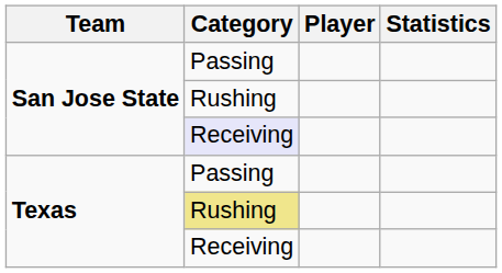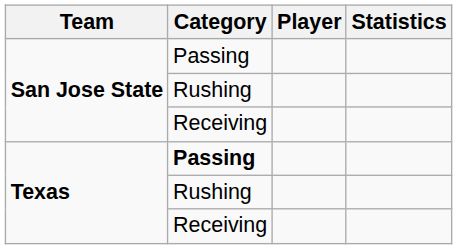 <table class="wikitable" style="float: right;">
 <tr>
 <th>Team</th>
 <th>Category</th>
 <th>Player</th>
 <th>Statistics</th>
 </tr>
 <tr>
 <td rowspan=3><strong>San Jose State</strong></td>
 <td>Passing</td>
 <td></td>
 <td></td>
 </tr>
 <tr>
 <td>Rushing</td>
 <td></td>
 <td></td>
 </tr>
 <tr>
-<td style="background: lavender;">Receiving</td>
+<td>Receiving</td>
 <td></td>
 <td></td>
 </tr>
 <tr>
 <td rowspan=3><strong>Texas</strong></td>
-<td>Passing</td>
+<td><strong>Passing</strong></td>
 <td></td>
 <td></td>
 </tr>
 <tr>
-<td style="background: khaki;">Rushing</td>
+<td>Rushing</td>
 <td></td>
 <td></td>
 </tr>
 <tr>
 <td>Receiving</td>
 <td></td>
 <td></td>
 </tr>
 </table>
